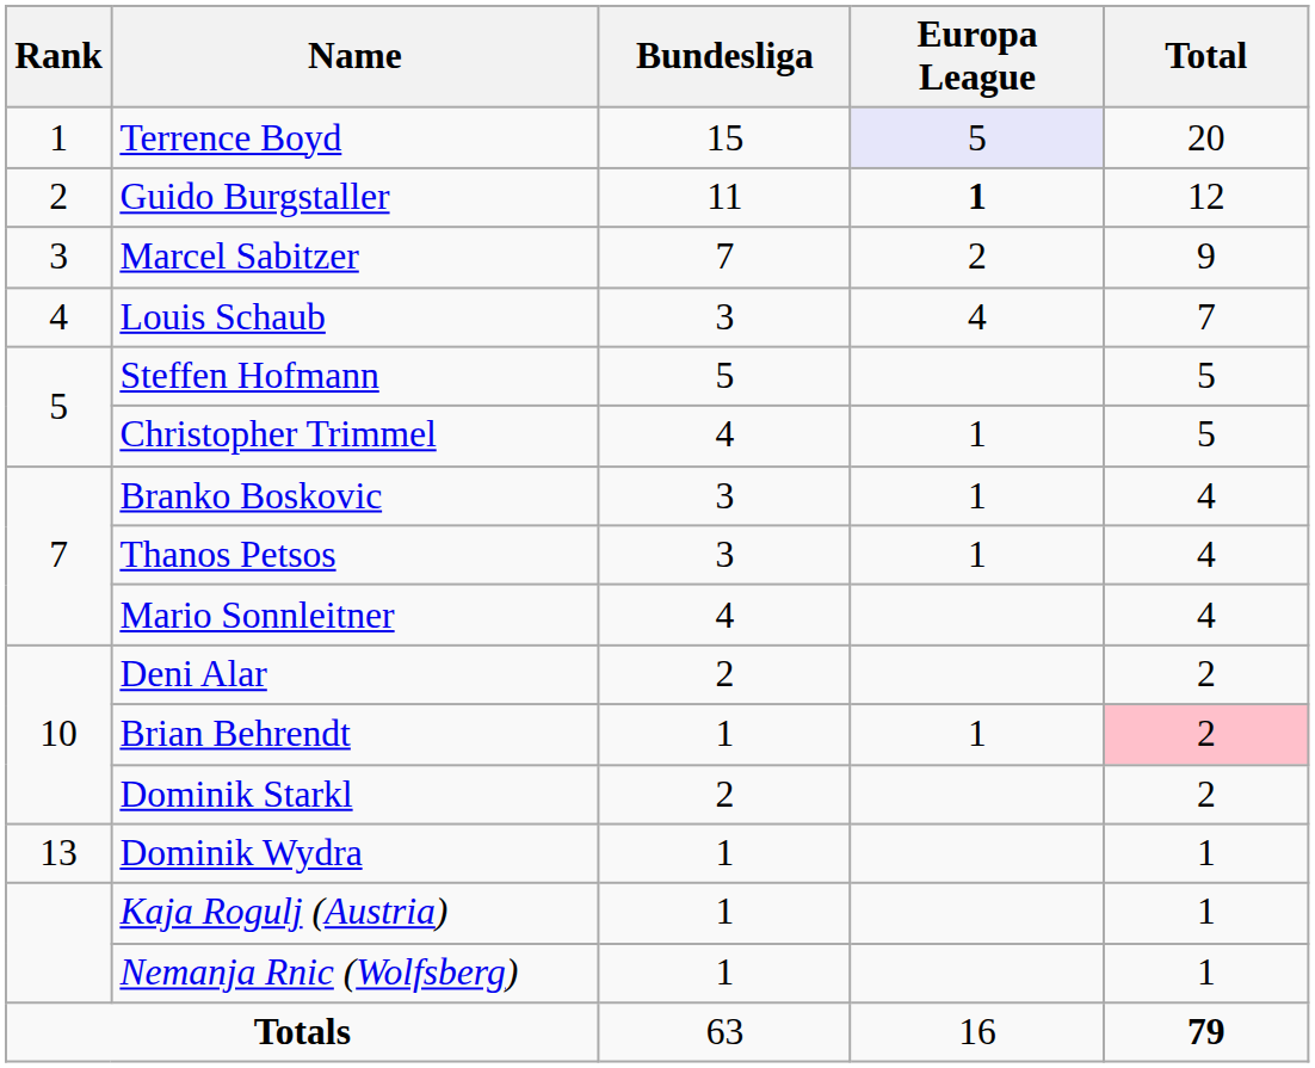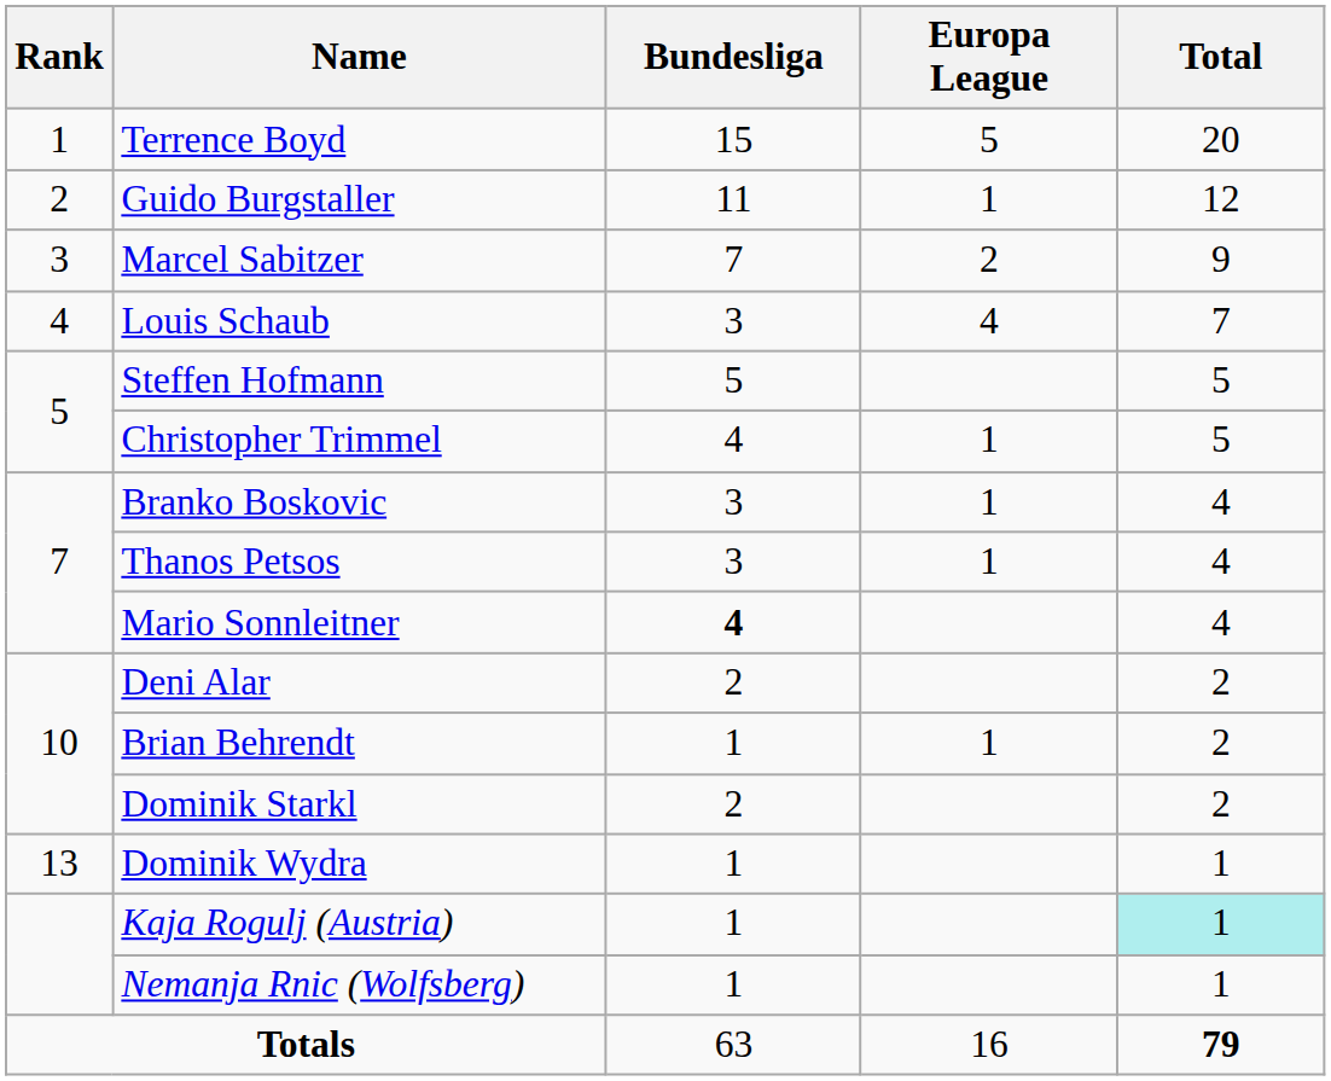 <table class="wikitable" style="text-align: center;">
 <tr>
 <th>Rank</th>
 <th width=200>Name</th>
 <th width=100>Bundesliga</th>
 <th width=100>Europa League</th>
 <th width=80><strong>Total</strong></th>
 </tr>
 <tr>
 <td>1</td>
 <td align=left> <a href='#'>Terrence Boyd</a></td>
 <td>15</td>
-<td style="background: lavender;">5</td>
+<td>5</td>
 <td>20</td>
 </tr>
 <tr>
 <td>2</td>
 <td align=left> <a href='#'>Guido Burgstaller</a></td>
 <td>11</td>
-<td><strong>1</strong></td>
+<td>1</td>
 <td>12</td>
 </tr>
 <tr>
 <td>3</td>
 <td align=left> <a href='#'>Marcel Sabitzer</a></td>
 <td>7</td>
 <td>2</td>
 <td>9</td>
 </tr>
 <tr>
 <td>4</td>
 <td align=left> <a href='#'>Louis Schaub</a></td>
 <td>3</td>
 <td>4</td>
 <td>7</td>
 </tr>
 <tr>
 <td rowspan=2>5</td>
 <td align=left> <a href='#'>Steffen Hofmann</a></td>
 <td>5</td>
 <td></td>
 <td>5</td>
 </tr>
 <tr>
 <td align=left> <a href='#'>Christopher Trimmel</a></td>
 <td>4</td>
 <td>1</td>
 <td>5</td>
 </tr>
 <tr>
 <td rowspan=3>7</td>
 <td align=left> <a href='#'>Branko Boskovic</a></td>
 <td>3</td>
 <td>1</td>
 <td>4</td>
 </tr>
 <tr>
 <td align=left> <a href='#'>Thanos Petsos</a></td>
 <td>3</td>
 <td>1</td>
 <td>4</td>
 </tr>
 <tr>
 <td align=left> <a href='#'>Mario Sonnleitner</a></td>
-<td>4</td>
+<td><strong>4</strong></td>
 <td></td>
 <td>4</td>
 </tr>
 <tr>
 <td rowspan=3>10</td>
 <td align=left> <a href='#'>Deni Alar</a></td>
 <td>2</td>
 <td></td>
 <td>2</td>
 </tr>
 <tr>
 <td align=left> <a href='#'>Brian Behrendt</a></td>
 <td>1</td>
 <td>1</td>
-<td style="background: pink;">2</td>
+<td>2</td>
 </tr>
 <tr>
 <td align=left> <a href='#'>Dominik Starkl</a></td>
 <td>2</td>
 <td></td>
 <td>2</td>
 </tr>
 <tr>
 <td>13</td>
 <td align=left> <a href='#'>Dominik Wydra</a></td>
 <td>1</td>
 <td></td>
 <td>1</td>
 </tr>
 <tr>
 <td rowspan=2></td>
 <td align=left> <em><a href='#'>Kaja Rogulj</a> (<a href='#'>Austria</a>)</em></td>
 <td>1</td>
 <td></td>
-<td>1</td>
+<td style="background: paleturquoise;">1</td>
 </tr>
 <tr>
 <td align=left> <em><a href='#'>Nemanja Rnic</a> (<a href='#'>Wolfsberg</a>)</em></td>
 <td>1</td>
 <td></td>
 <td>1</td>
 </tr>
 <tr>
 <td colspan=2><strong>Totals</strong></td>
 <td>63</td>
 <td>16</td>
 <td><strong>79</strong></td>
 </tr>
 </table>
